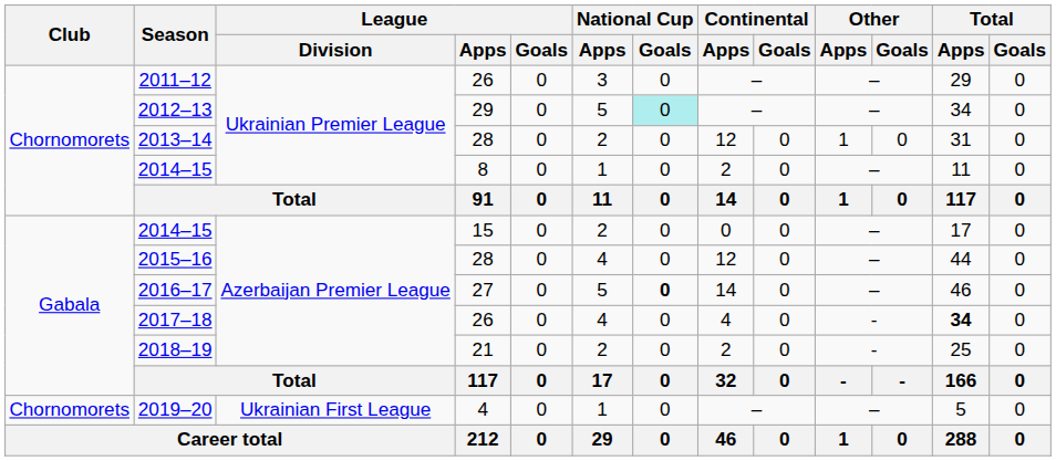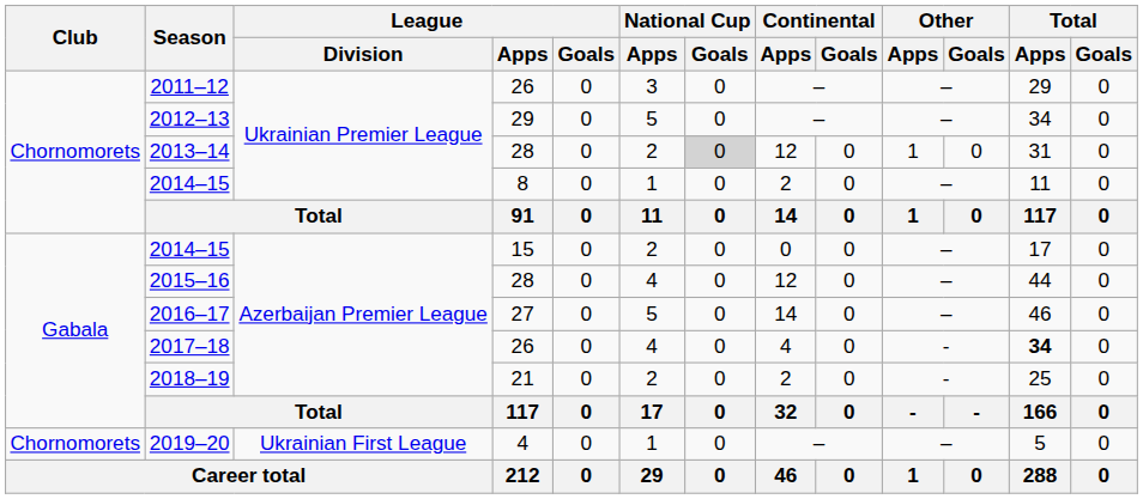 <table class="wikitable" style="text-align: center;">
 <tr>
 <th rowspan="2">Club</th>
 <th rowspan="2">Season</th>
 <th colspan="3">League</th>
 <th colspan="2">National Cup</th>
 <th colspan="2">Continental</th>
 <th colspan="2">Other</th>
 <th colspan="2">Total</th>
 </tr>
 <tr>
 <th>Division</th>
 <th>Apps</th>
 <th>Goals</th>
 <th>Apps</th>
 <th>Goals</th>
 <th>Apps</th>
 <th>Goals</th>
 <th>Apps</th>
 <th>Goals</th>
 <th>Apps</th>
 <th>Goals</th>
 </tr>
 <tr>
 <td rowspan="5" valign="center"><a href='#'>Chornomorets</a></td>
 <td><a href='#'>2011–12</a></td>
 <td rowspan="4" valign="center"><a href='#'>Ukrainian Premier League</a></td>
 <td>26</td>
 <td>0</td>
 <td>3</td>
 <td>0</td>
 <td colspan="2">–</td>
 <td colspan="2">–</td>
 <td>29</td>
 <td>0</td>
 </tr>
 <tr>
 <td><a href='#'>2012–13</a></td>
 <td>29</td>
 <td>0</td>
 <td>5</td>
-<td style="background: paleturquoise;">0</td>
+<td>0</td>
 <td colspan="2">–</td>
 <td colspan="2">–</td>
 <td>34</td>
 <td>0</td>
 </tr>
 <tr>
 <td><a href='#'>2013–14</a></td>
 <td>28</td>
 <td>0</td>
 <td>2</td>
-<td>0</td>
+<td style="background: lightgrey;">0</td>
 <td>12</td>
 <td>0</td>
 <td>1</td>
 <td>0</td>
 <td>31</td>
 <td>0</td>
 </tr>
 <tr>
 <td><a href='#'>2014–15</a></td>
 <td>8</td>
 <td>0</td>
 <td>1</td>
 <td>0</td>
 <td>2</td>
 <td>0</td>
 <td colspan="2">–</td>
 <td>11</td>
 <td>0</td>
 </tr>
 <tr>
 <th colspan="2">Total</th>
 <th>91</th>
 <th>0</th>
 <th>11</th>
 <th>0</th>
 <th>14</th>
 <th>0</th>
 <th>1</th>
 <th>0</th>
 <th>117</th>
 <th>0</th>
 </tr>
 <tr>
 <td rowspan="6" valign="center"><a href='#'>Gabala</a></td>
 <td><a href='#'>2014–15</a></td>
 <td rowspan="5" valign="center"><a href='#'>Azerbaijan Premier League</a></td>
 <td>15</td>
 <td>0</td>
 <td>2</td>
 <td>0</td>
 <td>0</td>
 <td>0</td>
 <td colspan="2">–</td>
 <td>17</td>
 <td>0</td>
 </tr>
 <tr>
 <td><a href='#'>2015–16</a></td>
 <td>28</td>
 <td>0</td>
 <td>4</td>
 <td>0</td>
 <td>12</td>
 <td>0</td>
 <td colspan="2">–</td>
 <td>44</td>
 <td>0</td>
 </tr>
 <tr>
 <td><a href='#'>2016–17</a></td>
 <td>27</td>
 <td>0</td>
 <td>5</td>
-<td><strong>0</strong></td>
+<td>0</td>
 <td>14</td>
 <td>0</td>
 <td colspan="2">–</td>
 <td>46</td>
 <td>0</td>
 </tr>
 <tr>
 <td><a href='#'>2017–18</a></td>
 <td>26</td>
 <td>0</td>
 <td>4</td>
 <td>0</td>
 <td>4</td>
 <td>0</td>
 <td colspan="2">-</td>
 <td><strong>34</strong></td>
 <td>0</td>
 </tr>
 <tr>
 <td><a href='#'>2018–19</a></td>
 <td>21</td>
 <td>0</td>
 <td>2</td>
 <td>0</td>
 <td>2</td>
 <td>0</td>
 <td colspan="2">-</td>
 <td>25</td>
 <td>0</td>
 </tr>
 <tr>
 <th colspan="2">Total</th>
 <th>117</th>
 <th>0</th>
 <th>17</th>
 <th>0</th>
 <th>32</th>
 <th>0</th>
 <th>-</th>
 <th>-</th>
 <th>166</th>
 <th>0</th>
 </tr>
 <tr>
 <td><a href='#'>Chornomorets</a></td>
 <td><a href='#'>2019–20</a></td>
 <td><a href='#'>Ukrainian First League</a></td>
 <td>4</td>
 <td>0</td>
 <td>1</td>
 <td>0</td>
 <td colspan="2">–</td>
 <td colspan="2">–</td>
 <td>5</td>
 <td>0</td>
 </tr>
 <tr>
 <th colspan="3">Career total</th>
 <th>212</th>
 <th>0</th>
 <th>29</th>
 <th>0</th>
 <th>46</th>
 <th>0</th>
 <th>1</th>
 <th>0</th>
 <th>288</th>
 <th>0</th>
 </tr>
 </table>
